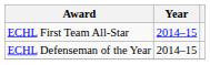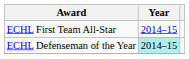 <table class="wikitable">
 <tr>
 <th>Award</th>
 <th>Year</th>
 <th></th>
 </tr>
 <tr>
 <td><a href='#'>ECHL</a> First Team All-Star</td>
 <td><a href='#'>2014–15</a></td>
 <td></td>
 </tr>
 <tr>
 <td><a href='#'>ECHL</a> Defenseman of the Year</td>
-<td>2014–15</td>
+<td style="background: paleturquoise;">2014–15</td>
 <td></td>
 </tr>
 <tr>
 </tr>
 </table>
